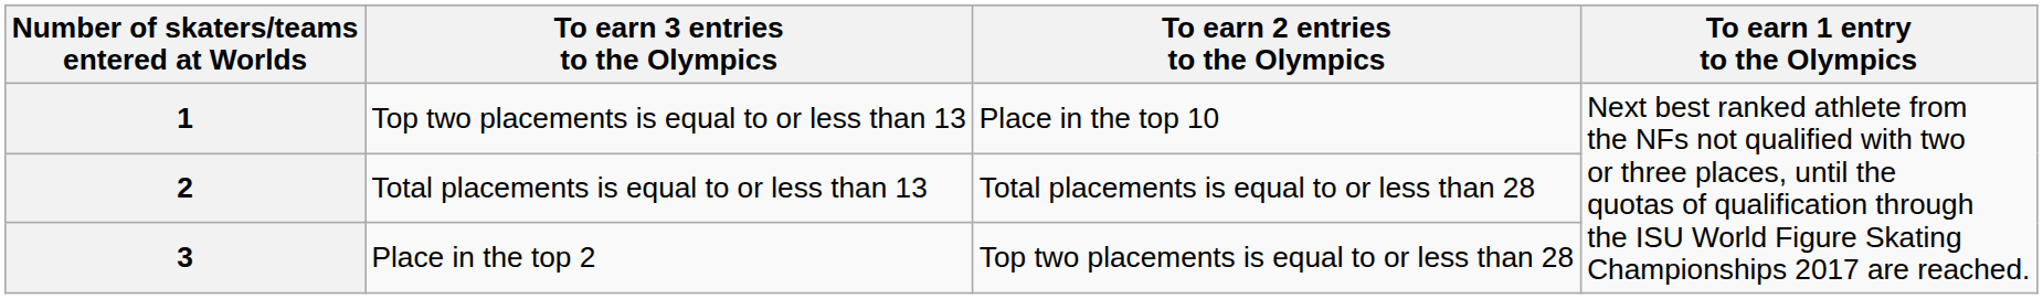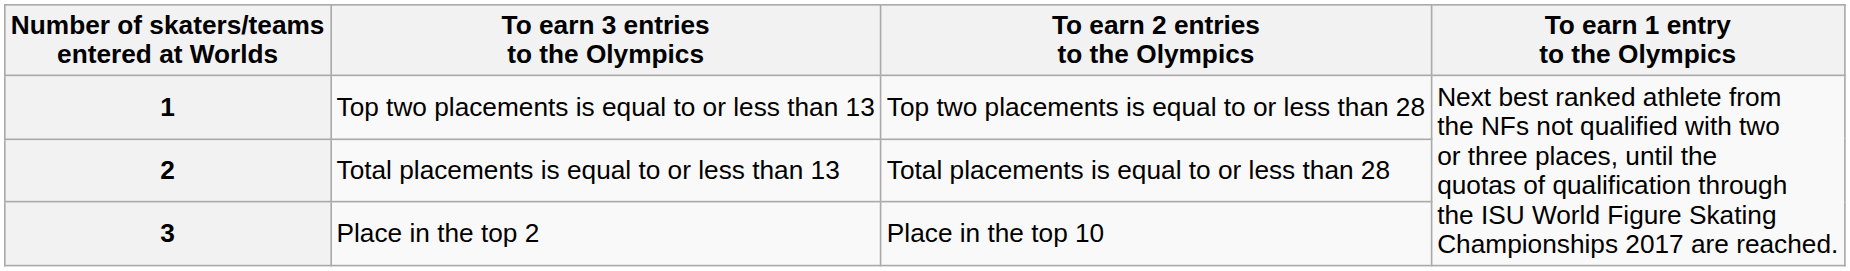 <table class="wikitable">
 <tr>
 <th>Number of skaters/teams <br> entered at Worlds</th>
 <th>To earn 3 entries <br> to the Olympics</th>
 <th>To earn 2 entries <br> to the Olympics</th>
 <th>To earn 1 entry <br> to the Olympics</th>
 </tr>
 <tr>
 <th>1</th>
 <td>Top two placements is equal to or less than 13</td>
-<td>Place in the top 10</td>
+<td>Top two placements is equal to or less than 28</td>
 <td rowspan=3>Next best ranked athlete from <br> the NFs not qualified with two <br> or three places, until the <br> quotas of qualification through <br> the ISU World Figure Skating <br> Championships 2017 are reached.</td>
 </tr>
 <tr>
 <th>2</th>
 <td>Total placements is equal to or less than 13</td>
 <td>Total placements is equal to or less than 28</td>
 </tr>
 <tr>
 <th>3</th>
 <td>Place in the top 2</td>
-<td>Top two placements is equal to or less than 28</td>
+<td>Place in the top 10</td>
 </tr>
 </table>
